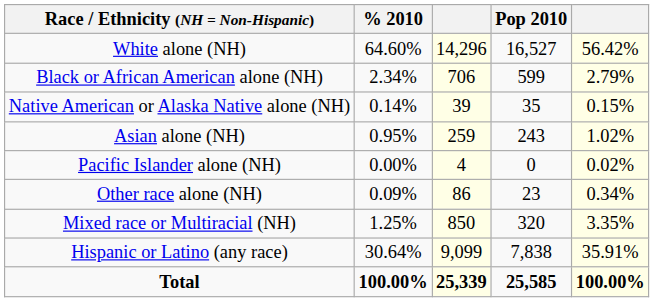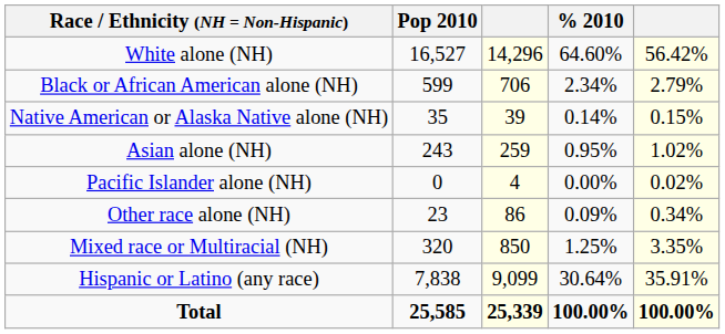 <table class="wikitable" style="text-align:center;">
 <tr>
 <th>Race / Ethnicity <small>(<em>NH = Non-Hispanic</em>)</small></th>
+<th>Pop 2010</th>
+<th></th>
 <th>% 2010</th>
-<th></th>
-<th>Pop 2010</th>
 <th></th>
 </tr>
 <tr>
 <td><a href='#'>White</a> alone (NH)</td>
+<td>16,527</td>
+<td style='background: #ffffe6;'>14,296</td>
 <td>64.60%</td>
-<td style='background: #ffffe6;'>14,296</td>
-<td>16,527</td>
 <td style='background: #ffffe6;'>56.42%</td>
 </tr>
 <tr>
 <td><a href='#'>Black or African American</a> alone (NH)</td>
+<td>599</td>
+<td style='background: #ffffe6;'>706</td>
 <td>2.34%</td>
-<td style='background: #ffffe6;'>706</td>
-<td>599</td>
 <td style='background: #ffffe6;'>2.79%</td>
 </tr>
 <tr>
 <td><a href='#'>Native American</a> or <a href='#'>Alaska Native</a> alone (NH)</td>
+<td>35</td>
+<td style='background: #ffffe6;'>39</td>
 <td>0.14%</td>
-<td style='background: #ffffe6;'>39</td>
-<td>35</td>
 <td style='background: #ffffe6;'>0.15%</td>
 </tr>
 <tr>
 <td><a href='#'>Asian</a> alone (NH)</td>
+<td>243</td>
+<td style='background: #ffffe6;'>259</td>
 <td>0.95%</td>
-<td style='background: #ffffe6;'>259</td>
-<td>243</td>
 <td style='background: #ffffe6;'>1.02%</td>
 </tr>
 <tr>
 <td><a href='#'>Pacific Islander</a> alone (NH)</td>
+<td>0</td>
+<td style='background: #ffffe6;'>4</td>
 <td>0.00%</td>
-<td style='background: #ffffe6;'>4</td>
-<td>0</td>
 <td style='background: #ffffe6;'>0.02%</td>
 </tr>
 <tr>
 <td><a href='#'>Other race</a> alone (NH)</td>
+<td>23</td>
+<td style='background: #ffffe6;'>86</td>
 <td>0.09%</td>
-<td style='background: #ffffe6;'>86</td>
-<td>23</td>
 <td style='background: #ffffe6;'>0.34%</td>
 </tr>
 <tr>
 <td><a href='#'>Mixed race or Multiracial</a> (NH)</td>
+<td>320</td>
+<td style='background: #ffffe6;'>850</td>
 <td>1.25%</td>
-<td style='background: #ffffe6;'>850</td>
-<td>320</td>
 <td style='background: #ffffe6;'>3.35%</td>
 </tr>
 <tr>
 <td><a href='#'>Hispanic or Latino</a> (any race)</td>
+<td>7,838</td>
+<td style='background: #ffffe6;'>9,099</td>
 <td>30.64%</td>
-<td style='background: #ffffe6;'>9,099</td>
-<td>7,838</td>
 <td style='background: #ffffe6;'>35.91%</td>
 </tr>
 <tr>
 <td><strong>Total</strong></td>
+<td><strong>25,585</strong></td>
+<td style='background: #ffffe6;'><strong>25,339</strong></td>
 <td><strong>100.00%</strong></td>
-<td style='background: #ffffe6;'><strong>25,339</strong></td>
-<td><strong>25,585</strong></td>
 <td style='background: #ffffe6;'><strong>100.00%</strong></td>
 </tr>
 </table>
